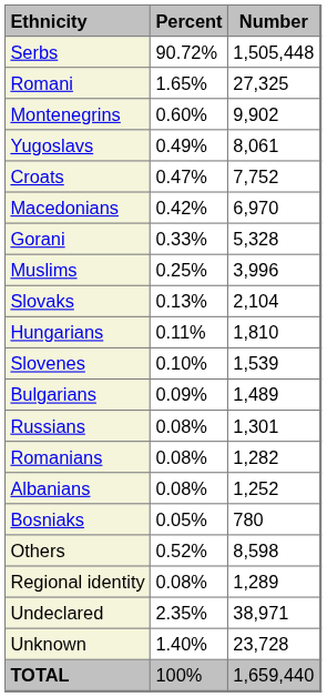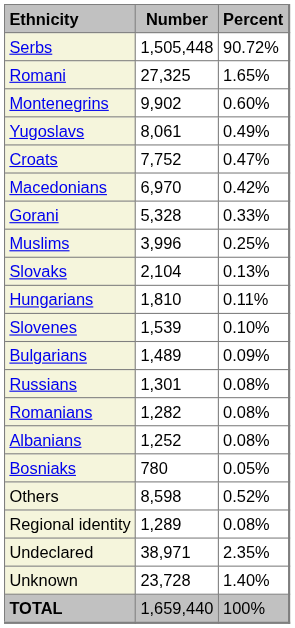 <table border=1 cellpadding=4 cellspacing=0 class="toccolours" style="align: left; margin: 0.5em 0 0 0; border-style: solid; border: 1px solid #7f7f7f; border-right-width: 2px; border-bottom-width: 2px; border-collapse: collapse; font-size: 95%;">
 <tr>
 <td style="background:#c1c1c1;"><strong>Ethnicity</strong></td>
+<td colspan=1 style="background:#c1c1c1;" align="center"><strong>Number</strong></td>
 <td colspan=1 style="background:#c1c1c1;" align="center"><strong>Percent</strong></td>
-<td colspan=1 style="background:#c1c1c1;" align="center"><strong>Number</strong></td>
 </tr>
 <tr>
 <td style="background:#F5F5DC;"><a href='#'>Serbs</a></td>
+<td>1,505,448</td>
 <td>90.72%</td>
-<td>1,505,448</td>
 </tr>
 <tr>
 <td style="background:#F5F5DC;"><a href='#'>Romani</a></td>
+<td>27,325</td>
 <td>1.65%</td>
-<td>27,325</td>
 </tr>
 <tr>
 <td style="background:#F5F5DC;"><a href='#'>Montenegrins</a></td>
+<td>9,902</td>
 <td>0.60%</td>
-<td>9,902</td>
 </tr>
 <tr>
 <td style="background:#F5F5DC;"><a href='#'>Yugoslavs</a></td>
+<td>8,061</td>
 <td>0.49%</td>
-<td>8,061</td>
 </tr>
 <tr>
 <td style="background:#F5F5DC;"><a href='#'>Croats</a></td>
+<td>7,752</td>
 <td>0.47%</td>
-<td>7,752</td>
 </tr>
 <tr>
 <td style="background:#F5F5DC;"><a href='#'>Macedonians</a></td>
+<td>6,970</td>
 <td>0.42%</td>
-<td>6,970</td>
 </tr>
 <tr>
 <td style="background:#F5F5DC;"><a href='#'>Gorani</a></td>
+<td>5,328</td>
 <td>0.33%</td>
-<td>5,328</td>
 </tr>
 <tr>
 <td style="background:#F5F5DC;"><a href='#'>Muslims</a></td>
+<td>3,996</td>
 <td>0.25%</td>
-<td>3,996</td>
 </tr>
 <tr>
 <td style="background:#F5F5DC;"><a href='#'>Slovaks</a></td>
+<td>2,104</td>
 <td>0.13%</td>
-<td>2,104</td>
 </tr>
 <tr>
 <td style="background:#F5F5DC;"><a href='#'>Hungarians</a></td>
+<td>1,810</td>
 <td>0.11%</td>
-<td>1,810</td>
 </tr>
 <tr>
 <td style="background:#F5F5DC;"><a href='#'>Slovenes</a></td>
+<td>1,539</td>
 <td>0.10%</td>
-<td>1,539</td>
 </tr>
 <tr>
 <td style="background:#F5F5DC;"><a href='#'>Bulgarians</a></td>
+<td>1,489</td>
 <td>0.09%</td>
-<td>1,489</td>
 </tr>
 <tr>
 <td style="background:#F5F5DC;"><a href='#'>Russians</a></td>
+<td>1,301</td>
 <td>0.08%</td>
-<td>1,301</td>
 </tr>
 <tr>
 <td style="background:#F5F5DC;"><a href='#'>Romanians</a></td>
+<td>1,282</td>
 <td>0.08%</td>
-<td>1,282</td>
 </tr>
 <tr>
 <td style="background:#F5F5DC;"><a href='#'>Albanians</a></td>
+<td>1,252</td>
 <td>0.08%</td>
-<td>1,252</td>
 </tr>
 <tr>
 <td style="background:#F5F5DC;"><a href='#'>Bosniaks</a></td>
+<td>780</td>
 <td>0.05%</td>
-<td>780</td>
 </tr>
 <tr>
 <td style="background:#F5F5DC;">Others</td>
+<td>8,598</td>
 <td>0.52%</td>
-<td>8,598</td>
 </tr>
 <tr>
 <td style="background:#F5F5DC;">Regional identity</td>
+<td>1,289</td>
 <td>0.08%</td>
-<td>1,289</td>
 </tr>
 <tr>
 <td style="background:#F5F5DC;">Undeclared</td>
+<td>38,971</td>
 <td>2.35%</td>
-<td>38,971</td>
 </tr>
 <tr>
 <td style="background:#F5F5DC;">Unknown</td>
+<td>23,728</td>
 <td>1.40%</td>
-<td>23,728</td>
 </tr>
 <tr>
 <td style="background:#c1c1c1;"><strong>TOTAL</strong></td>
+<td style="background:#c1c1c1;">1,659,440</td>
 <td style="background:#c1c1c1;">100%</td>
-<td style="background:#c1c1c1;">1,659,440</td>
 </tr>
 </table>
